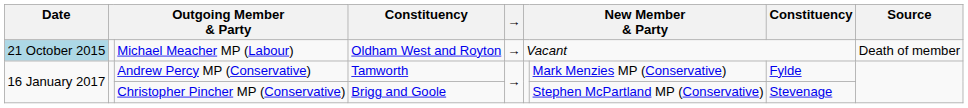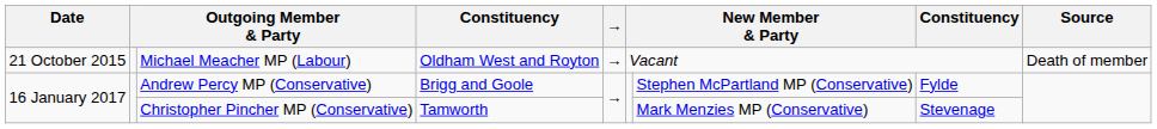 <table class="wikitable">
 <tr>
 <th valign="top">Date</th>
 <th colspan="2" valign="top">Outgoing Member<br>& Party</th>
 <th valign="top">Constituency</th>
 <th>→</th>
 <th colspan="2" valign="top">New Member<br>& Party</th>
 <th valign="top">Constituency</th>
 <th valign="top">Source</th>
 </tr>
 <tr>
-<td style="background: lightblue;">21 October 2015</td>
+<td>21 October 2015</td>
 <td style="color:inherit;background:"></td>
 <td><a href='#'>Michael Meacher</a> MP (<a href='#'>Labour</a>)</td>
 <td><a href='#'>Oldham West and Royton</a></td>
 <td>→</td>
 <td colspan=3><em>Vacant</em></td>
 <td>Death of member</td>
 </tr>
 <tr>
 <td rowspan=2>16 January 2017</td>
 <td rowspan=2 style="color:inherit;background:"></td>
 <td><a href='#'>Andrew Percy</a> MP (<a href='#'>Conservative</a>)</td>
-<td><a href='#'>Tamworth</a></td>
+<td><a href='#'>Brigg and Goole</a></td>
 <td rowspan=2>→</td>
 <td rowspan=2 style="color:inherit;background:"></td>
-<td><a href='#'>Mark Menzies</a> MP (<a href='#'>Conservative</a>)</td>
+<td><a href='#'>Stephen McPartland</a> MP (<a href='#'>Conservative</a>)</td>
 <td><a href='#'>Fylde</a></td>
 <td rowspan=2></td>
 </tr>
 <tr>
 <td><a href='#'>Christopher Pincher</a> MP (<a href='#'>Conservative</a>)</td>
-<td><a href='#'>Brigg and Goole</a></td>
-<td><a href='#'>Stephen McPartland</a> MP (<a href='#'>Conservative</a>)</td>
+<td><a href='#'>Tamworth</a></td>
+<td><a href='#'>Mark Menzies</a> MP (<a href='#'>Conservative</a>)</td>
 <td><a href='#'>Stevenage</a></td>
 </tr>
 </table>
